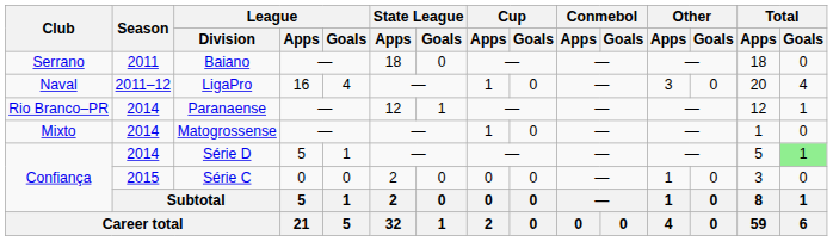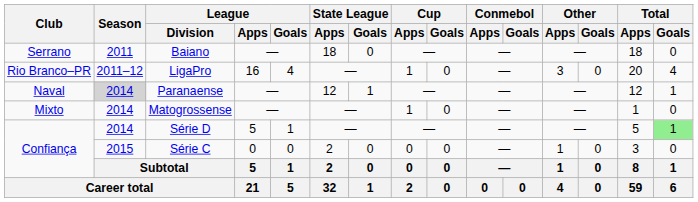 <table class="wikitable" style="text-align: center;">
 <tr>
 <th rowspan="2">Club</th>
 <th rowspan="2">Season</th>
 <th colspan="3">League</th>
 <th colspan="2">State League</th>
 <th colspan="2">Cup</th>
 <th colspan="2">Conmebol</th>
 <th colspan="2">Other</th>
 <th colspan="2">Total</th>
 </tr>
 <tr>
 <th>Division</th>
 <th>Apps</th>
 <th>Goals</th>
 <th>Apps</th>
 <th>Goals</th>
 <th>Apps</th>
 <th>Goals</th>
 <th>Apps</th>
 <th>Goals</th>
 <th>Apps</th>
 <th>Goals</th>
 <th>Apps</th>
 <th>Goals</th>
 </tr>
 <tr>
 <td valign="center"><a href='#'>Serrano</a></td>
 <td><a href='#'>2011</a></td>
 <td><a href='#'>Baiano</a></td>
 <td colspan="2">—</td>
 <td>18</td>
 <td>0</td>
 <td colspan="2">—</td>
 <td colspan="2">—</td>
 <td colspan="2">—</td>
 <td>18</td>
 <td>0</td>
 </tr>
 <tr>
-<td valign="center"><a href='#'>Naval</a></td>
+<td valign="center"><a href='#'>Rio Branco–PR</a></td>
 <td><a href='#'>2011–12</a></td>
 <td><a href='#'>LigaPro</a></td>
 <td>16</td>
 <td>4</td>
 <td colspan="2">—</td>
 <td>1</td>
 <td>0</td>
 <td colspan="2">—</td>
 <td>3</td>
 <td>0</td>
 <td>20</td>
 <td>4</td>
 </tr>
 <tr>
-<td valign="center"><a href='#'>Rio Branco–PR</a></td>
-<td><a href='#'>2014</a></td>
+<td valign="center"><a href='#'>Naval</a></td>
+<td style="background: lightgrey;"><a href='#'>2014</a></td>
 <td><a href='#'>Paranaense</a></td>
 <td colspan="2">—</td>
 <td>12</td>
 <td>1</td>
 <td colspan="2">—</td>
 <td colspan="2">—</td>
 <td colspan="2">—</td>
 <td>12</td>
 <td>1</td>
 </tr>
 <tr>
 <td valign="center"><a href='#'>Mixto</a></td>
 <td><a href='#'>2014</a></td>
 <td><a href='#'>Matogrossense</a></td>
 <td colspan="2">—</td>
 <td colspan="2">—</td>
 <td>1</td>
 <td>0</td>
 <td colspan="2">—</td>
 <td colspan="2">—</td>
 <td>1</td>
 <td>0</td>
 </tr>
 <tr>
 <td rowspan=3 valign="center"><a href='#'>Confiança</a></td>
 <td><a href='#'>2014</a></td>
 <td><a href='#'>Série D</a></td>
 <td>5</td>
 <td>1</td>
 <td colspan="2">—</td>
 <td colspan="2">—</td>
 <td colspan="2">—</td>
 <td colspan="2">—</td>
 <td>5</td>
 <td style="background: lightgreen;">1</td>
 </tr>
 <tr>
 <td><a href='#'>2015</a></td>
 <td><a href='#'>Série C</a></td>
 <td>0</td>
 <td>0</td>
 <td>2</td>
 <td>0</td>
 <td>0</td>
 <td>0</td>
 <td colspan="2">—</td>
 <td>1</td>
 <td>0</td>
 <td>3</td>
 <td>0</td>
 </tr>
 <tr>
 <th colspan="2"><strong>Subtotal</strong></th>
 <th>5</th>
 <th>1</th>
 <th>2</th>
 <th>0</th>
 <th>0</th>
 <th>0</th>
 <th colspan="2">—</th>
 <th>1</th>
 <th>0</th>
 <th>8</th>
 <th>1</th>
 </tr>
 <tr>
 <th colspan="3"><strong>Career total</strong></th>
 <th>21</th>
 <th>5</th>
 <th>32</th>
 <th>1</th>
 <th>2</th>
 <th>0</th>
 <th>0</th>
 <th>0</th>
 <th>4</th>
 <th>0</th>
 <th>59</th>
 <th>6</th>
 </tr>
 </table>
